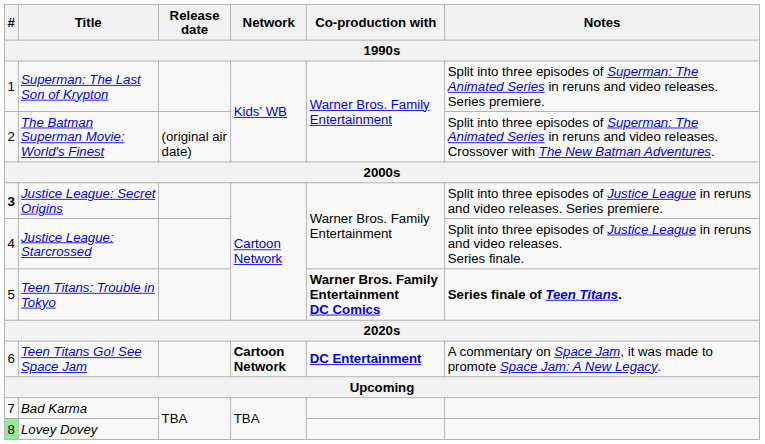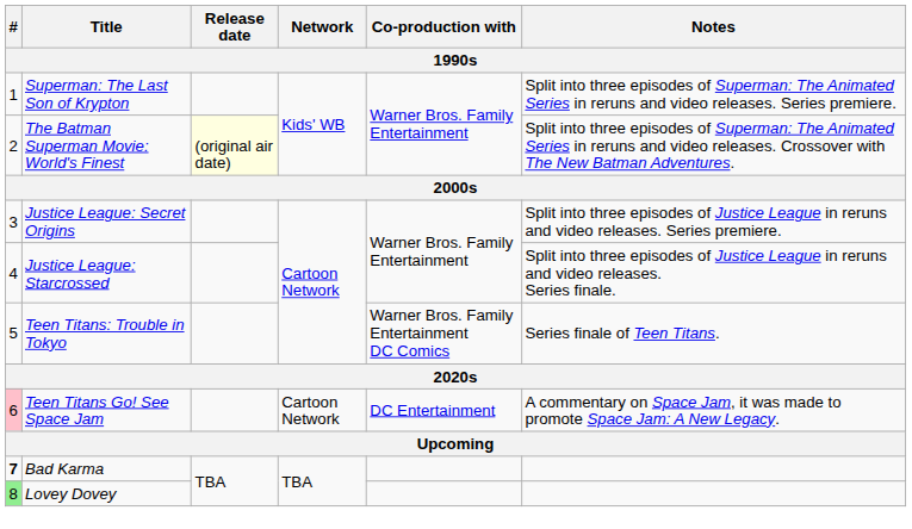 <table class="wikitable sortable" style="font-size:95%;">
 <tr>
 <th>#</th>
 <th>Title</th>
 <th>Release date</th>
 <th>Network</th>
 <th>Co-production with</th>
 <th>Notes</th>
 </tr>
 <tr>
 <th colspan="6">1990s</th>
 </tr>
 <tr>
 <td>1</td>
 <td><em><a href='#'>Superman: The Last Son of Krypton</a></em></td>
 <td></td>
 <td rowspan="2"><a href='#'>Kids' WB</a></td>
 <td rowspan="2"><a href='#'>Warner Bros. Family Entertainment</a></td>
 <td>Split into three episodes of <em><a href='#'>Superman: The Animated Series</a></em> in reruns and video releases. Series premiere.</td>
 </tr>
 <tr>
 <td>2</td>
 <td><em><a href='#'>The Batman Superman Movie: World's Finest</a></em></td>
-<td><br>(original air date)</td>
+<td style="background: lightyellow;"><br>(original air date)</td>
 <td>Split into three episodes of <em><a href='#'>Superman: The Animated Series</a></em> in reruns and video releases. Crossover with <em><a href='#'>The New Batman Adventures</a></em>.</td>
 </tr>
 <tr>
 <th colspan="6">2000s</th>
 </tr>
 <tr>
-<td><strong>3</strong></td>
+<td>3</td>
 <td><em><a href='#'>Justice League: Secret Origins</a></em></td>
 <td></td>
 <td rowspan="3"><a href='#'>Cartoon Network</a></td>
 <td rowspan="2">Warner Bros. Family Entertainment</td>
 <td>Split into three episodes of <em><a href='#'>Justice League</a></em> in reruns and video releases. Series premiere.</td>
 </tr>
 <tr>
 <td>4</td>
 <td><em><a href='#'>Justice League: Starcrossed</a></em></td>
 <td></td>
 <td>Split into three episodes of <em><a href='#'>Justice League</a></em> in reruns and video releases. <br> Series finale.</td>
 </tr>
 <tr>
 <td>5</td>
 <td><em><a href='#'>Teen Titans: Trouble in Tokyo</a></em></td>
 <td></td>
-<td><strong>Warner Bros. Family Entertainment<br><a href='#'>DC Comics</a></strong></td>
-<td><strong>Series finale of <em><a href='#'>Teen Titans</a></em>.</strong></td>
+<td>Warner Bros. Family Entertainment<br><a href='#'>DC Comics</a></td>
+<td>Series finale of <em><a href='#'>Teen Titans</a></em>.</td>
 </tr>
 <tr>
 <th colspan="6">2020s</th>
 </tr>
 <tr>
-<td>6</td>
+<td style="background: pink;">6</td>
 <td><em><a href='#'>Teen Titans Go! See Space Jam</a></em></td>
 <td></td>
-<td><strong>Cartoon Network</strong></td>
-<td><strong><a href='#'>DC Entertainment</a></strong></td>
+<td>Cartoon Network</td>
+<td><a href='#'>DC Entertainment</a></td>
 <td>A commentary on <em><a href='#'>Space Jam</a></em>, it was made to promote <em><a href='#'>Space Jam: A New Legacy</a></em>.</td>
 </tr>
 <tr>
 <th colspan="6"><strong>Upcoming</strong></th>
 </tr>
 <tr>
-<td>7</td>
+<td><strong>7</strong></td>
 <td><em>Bad Karma</em></td>
 <td rowspan="2">TBA</td>
 <td rowspan="2">TBA</td>
 <td></td>
 <td></td>
 </tr>
 <tr>
 <td style="background: lightgreen;">8</td>
 <td><em>Lovey Dovey</em></td>
 <td></td>
 <td></td>
 </tr>
 </table>
